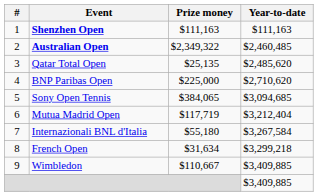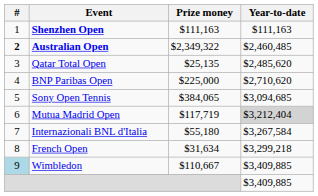 <table class="wikitable sortable">
 <tr>
 <th width=30>#</th>
 <th width=200>Event</th>
 <th>Prize money</th>
 <th>Year-to-date</th>
 </tr>
 <tr>
 <td align=center>1</td>
 <td><strong><a href='#'>Shenzhen Open</a></strong></td>
 <td style="text-align:right; padding-right:2em;">$111,163</td>
 <td style="text-align:right; padding-right:2em;">$111,163</td>
 </tr>
 <tr>
-<td align=center>2</td>
+<td align=center><strong>2</strong></td>
 <td><strong><a href='#'>Australian Open</a></strong></td>
 <td style="text-align:right; padding-right:2em;">$2,349,322</td>
 <td style="text-align:right; padding-right:2em;">$2,460,485</td>
 </tr>
 <tr>
 <td align=center>3</td>
 <td><a href='#'>Qatar Total Open</a></td>
 <td style="text-align:right; padding-right:2em;">$25,135</td>
 <td style="text-align:right; padding-right:2em;">$2,485,620</td>
 </tr>
 <tr>
 <td align=center>4</td>
 <td><a href='#'>BNP Paribas Open</a></td>
 <td style="text-align:right; padding-right:2em;">$225,000</td>
 <td style="text-align:right; padding-right:2em;">$2,710,620</td>
 </tr>
 <tr>
 <td align=center>5</td>
 <td><a href='#'>Sony Open Tennis</a></td>
 <td style="text-align:right; padding-right:2em;">$384,065</td>
 <td style="text-align:right; padding-right:2em;">$3,094,685</td>
 </tr>
 <tr>
 <td align=center>6</td>
 <td><a href='#'>Mutua Madrid Open</a></td>
 <td style="text-align:right; padding-right:2em;">$117,719</td>
-<td style="text-align:right; padding-right:2em;">$3,212,404</td>
+<td style="background: lightgrey; text-align:right; padding-right:2em;">$3,212,404</td>
 </tr>
 <tr>
 <td align=center>7</td>
 <td><a href='#'>Internazionali BNL d'Italia</a></td>
 <td style="text-align:right; padding-right:2em;">$55,180</td>
 <td style="text-align:right; padding-right:2em;">$3,267,584</td>
 </tr>
 <tr>
 <td align=center>8</td>
 <td><a href='#'>French Open</a></td>
 <td style="text-align:right; padding-right:2em;">$31,634</td>
 <td style="text-align:right; padding-right:2em;">$3,299,218</td>
 </tr>
 <tr>
-<td align=center>9</td>
+<td align=center style="background: lightblue;">9</td>
 <td><a href='#'>Wimbledon</a></td>
 <td style="text-align:right; padding-right:2em;">$110,667</td>
 <td style="text-align:right; padding-right:2em;">$3,409,885</td>
 </tr>
 <tr class="sortbottom">
 <td colspan="3" style="background:#dcdcdc;"></td>
 <td style="text-align:right; padding-right:2em;">$3,409,885</td>
 </tr>
 </table>
